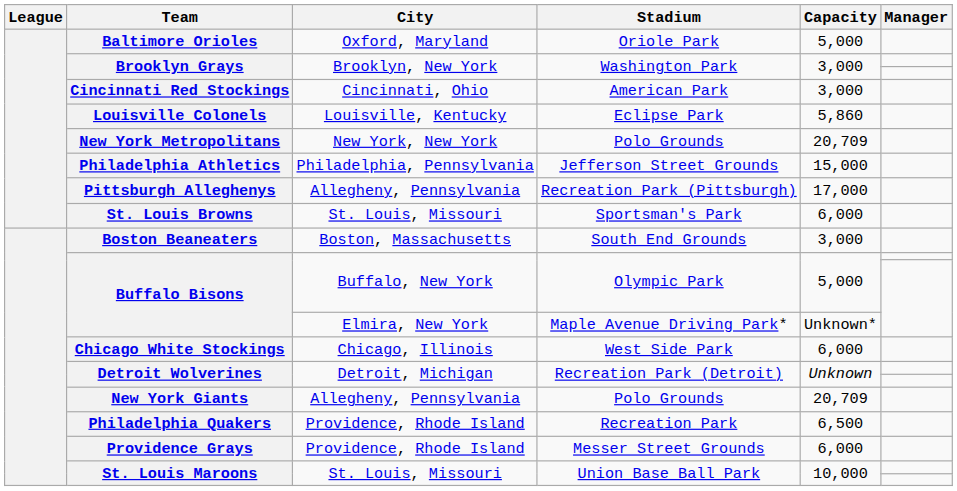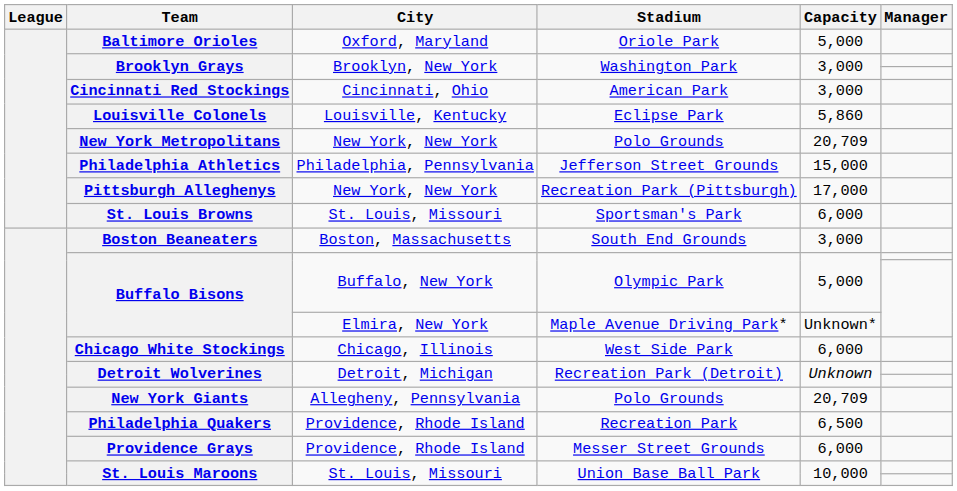 <table class="wikitable sortable plainrowheaders" style="text-align:center;">
 <tr>
 <th scope="col">League</th>
 <th scope="col">Team</th>
 <th scope="col">City</th>
 <th scope="col">Stadium</th>
 <th scope="col">Capacity</th>
 <th scope="col">Manager</th>
 </tr>
 <tr>
 <th rowspan="9"></th>
 <th scope="row"><a href='#'>Baltimore Orioles</a></th>
 <td><a href='#'>Oxford</a>, <a href='#'>Maryland</a></td>
 <td><a href='#'>Oriole Park</a></td>
 <td>5,000</td>
 <td></td>
 </tr>
 <tr>
 <th rowspan="2" scope="row"><a href='#'>Brooklyn Grays</a></th>
 <td rowspan="2"><a href='#'>Brooklyn</a>, <a href='#'>New York</a></td>
 <td rowspan="2"><a href='#'>Washington Park</a></td>
 <td rowspan="2">3,000</td>
 <td></td>
 </tr>
 <tr>
 <td></td>
 </tr>
 <tr>
 <th scope="row"><a href='#'>Cincinnati Red Stockings</a></th>
 <td><a href='#'>Cincinnati</a>, <a href='#'>Ohio</a></td>
 <td><a href='#'>American Park</a></td>
 <td>3,000</td>
 <td></td>
 </tr>
 <tr>
 <th scope="row"><a href='#'>Louisville Colonels</a></th>
 <td><a href='#'>Louisville</a>, <a href='#'>Kentucky</a></td>
 <td><a href='#'>Eclipse Park</a></td>
 <td>5,860</td>
 <td></td>
 </tr>
 <tr>
 <th scope="row"><a href='#'>New York Metropolitans</a></th>
 <td><a href='#'>New York</a>, <a href='#'>New York</a></td>
 <td><a href='#'>Polo Grounds</a></td>
 <td>20,709</td>
 <td></td>
 </tr>
 <tr>
 <th scope="row"><a href='#'>Philadelphia Athletics</a></th>
 <td><a href='#'>Philadelphia</a>, <a href='#'>Pennsylvania</a></td>
 <td><a href='#'>Jefferson Street Grounds</a></td>
 <td>15,000</td>
 <td></td>
 </tr>
 <tr>
 <th scope="row"><a href='#'>Pittsburgh Alleghenys</a></th>
-<td><a href='#'>Allegheny</a>, <a href='#'>Pennsylvania</a></td>
+<td><a href='#'>New York</a>, <a href='#'>New York</a></td>
 <td><a href='#'>Recreation Park (Pittsburgh)</a></td>
 <td>17,000</td>
 <td></td>
 </tr>
 <tr>
 <th scope="row"><a href='#'>St. Louis Browns</a></th>
 <td><a href='#'>St. Louis</a>, <a href='#'>Missouri</a></td>
 <td><a href='#'>Sportsman's Park</a></td>
 <td>6,000</td>
 <td></td>
 </tr>
 <tr>
 <th rowspan="12"></th>
 <th scope="row"><a href='#'>Boston Beaneaters</a></th>
 <td><a href='#'>Boston</a>, <a href='#'>Massachusetts</a></td>
 <td><a href='#'>South End Grounds</a></td>
 <td>3,000</td>
 <td></td>
 </tr>
 <tr>
 <th rowspan="3" scope="row"><a href='#'>Buffalo Bisons</a></th>
 <td rowspan="2"><a href='#'>Buffalo</a>, <a href='#'>New York</a></td>
 <td rowspan="2"><br><a href='#'>Olympic Park</a><br> </td>
 <td rowspan="2">5,000</td>
 <td></td>
 </tr>
 <tr>
 <td rowspan="2"></td>
 </tr>
 <tr>
 <td><a href='#'>Elmira</a>, <a href='#'>New York</a></td>
 <td><a href='#'>Maple Avenue Driving Park</a>*</td>
 <td>Unknown*</td>
 </tr>
 <tr>
 <th scope="row"><a href='#'>Chicago White Stockings</a></th>
 <td><a href='#'>Chicago</a>, <a href='#'>Illinois</a></td>
 <td><a href='#'>West Side Park</a></td>
 <td>6,000</td>
 <td></td>
 </tr>
 <tr>
 <th rowspan="2" scope="row"><a href='#'>Detroit Wolverines</a></th>
 <td rowspan="2"><a href='#'>Detroit</a>, <a href='#'>Michigan</a></td>
 <td rowspan="2"><a href='#'>Recreation Park (Detroit)</a></td>
 <td rowspan="2"><em>Unknown</em></td>
 <td></td>
 </tr>
 <tr>
 <td></td>
 </tr>
 <tr>
 <th scope="row"><a href='#'>New York Giants</a></th>
 <td><a href='#'>Allegheny</a>, <a href='#'>Pennsylvania</a></td>
 <td><a href='#'>Polo Grounds</a></td>
 <td>20,709</td>
 <td></td>
 </tr>
 <tr>
 <th scope="row"><a href='#'>Philadelphia Quakers</a></th>
 <td><a href='#'>Providence</a>, <a href='#'>Rhode Island</a></td>
 <td><a href='#'>Recreation Park</a></td>
 <td>6,500</td>
 <td></td>
 </tr>
 <tr>
 <th scope="row"><a href='#'>Providence Grays</a></th>
 <td><a href='#'>Providence</a>, <a href='#'>Rhode Island</a></td>
 <td><a href='#'>Messer Street Grounds</a></td>
 <td>6,000</td>
 <td></td>
 </tr>
 <tr>
 <th rowspan="2" scope="row"><a href='#'>St. Louis Maroons</a></th>
 <td rowspan="2"><a href='#'>St. Louis</a>, <a href='#'>Missouri</a></td>
 <td rowspan="2"><a href='#'>Union Base Ball Park</a></td>
 <td rowspan="2">10,000</td>
 <td></td>
 </tr>
 <tr>
 <td></td>
 </tr>
 </table>
